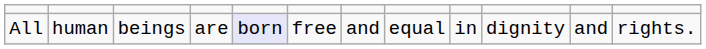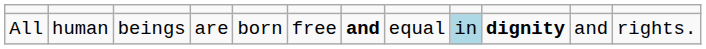 <table class=wikitable>
 <tr align=center>
 <td></td>
 <td></td>
 <td></td>
 <td></td>
 <td></td>
 <td></td>
 <td></td>
 <td></td>
 <td></td>
 <td></td>
 <td></td>
 <td></td>
 </tr>
 <tr align=center>
 <td>All</td>
 <td>human</td>
 <td>beings</td>
 <td>are</td>
-<td style="background: lavender;">born</td>
+<td>born</td>
 <td>free</td>
-<td>and</td>
+<td><strong>and</strong></td>
 <td>equal</td>
-<td>in</td>
-<td>dignity</td>
+<td style="background: lightblue;">in</td>
+<td><strong>dignity</strong></td>
 <td>and</td>
 <td>rights.</td>
 </tr>
 </table>
